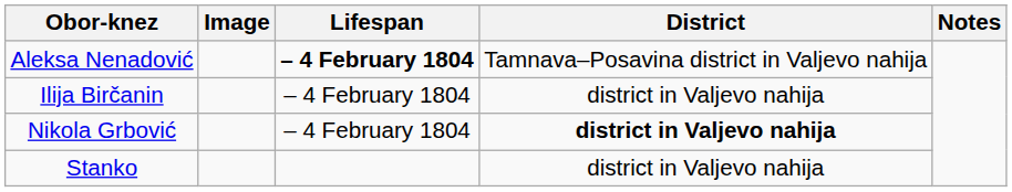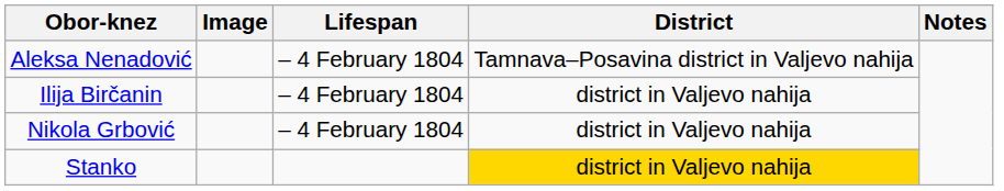 <table class="wikitable sortable" style="text-align:center">
 <tr>
 <th>Obor-knez</th>
 <th>Image</th>
 <th>Lifespan</th>
 <th>District</th>
 <th>Notes</th>
 </tr>
 <tr>
 <td><a href='#'>Aleksa Nenadović</a></td>
 <td></td>
-<td><strong>– 4 February 1804</strong></td>
+<td>– 4 February 1804</td>
 <td>Tamnava–Posavina district in Valjevo nahija</td>
 </tr>
 <tr>
 <td><a href='#'>Ilija Birčanin</a></td>
 <td></td>
 <td>– 4 February 1804</td>
 <td>district in Valjevo nahija</td>
 </tr>
 <tr>
 <td><a href='#'>Nikola Grbović</a></td>
 <td></td>
 <td>– 4 February 1804</td>
-<td><strong>district in Valjevo nahija</strong></td>
+<td>district in Valjevo nahija</td>
 </tr>
 <tr>
 <td><a href='#'>Stanko</a></td>
 <td></td>
 <td></td>
-<td>district in Valjevo nahija</td>
+<td style="background: gold;">district in Valjevo nahija</td>
 </tr>
 </table>
